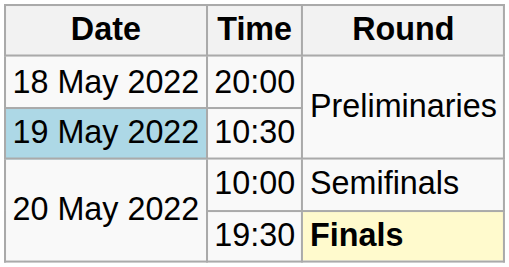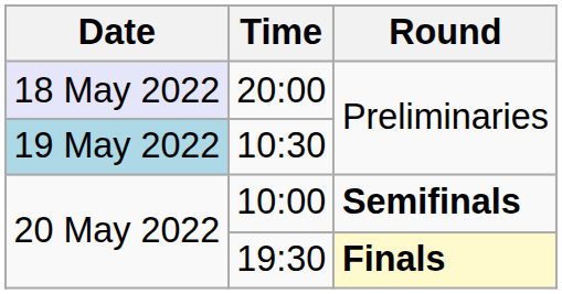 <table class="wikitable">
 <tr>
 <th>Date</th>
 <th>Time</th>
 <th>Round</th>
 </tr>
 <tr>
-<td>18 May 2022</td>
+<td style="background: lavender;">18 May 2022</td>
 <td>20:00</td>
 <td rowspan="2">Preliminaries</td>
 </tr>
 <tr>
 <td style="background: lightblue;">19 May 2022</td>
 <td>10:30</td>
 </tr>
 <tr>
 <td rowspan="2">20 May 2022</td>
 <td>10:00</td>
-<td>Semifinals</td>
+<td><strong>Semifinals</strong></td>
 </tr>
 <tr>
 <td>19:30</td>
 <td style="background:lemonchiffon;"><strong>Finals</strong></td>
 </tr>
 </table>
